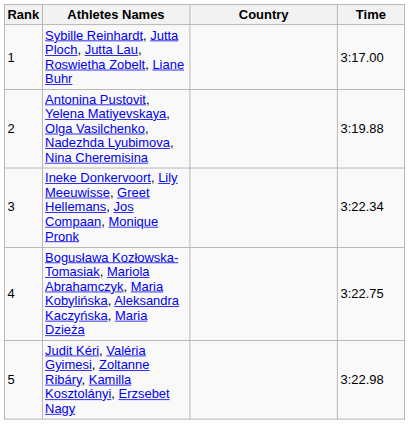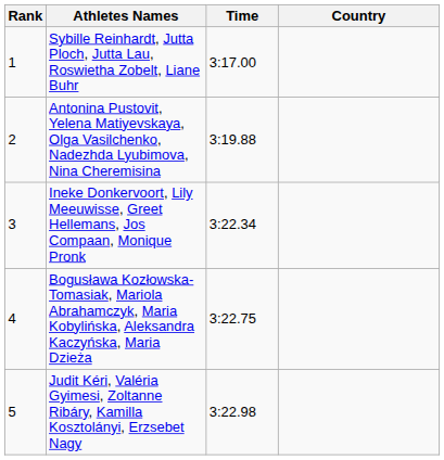 <table class="wikitable">
 <tr>
 <th width=25>Rank</th>
 <th width=175>Athletes Names</th>
+<th width=75>Time</th>
 <th width=175>Country</th>
-<th width=75>Time</th>
 </tr>
 <tr>
 <td>1</td>
 <td><a href='#'>Sybille Reinhardt</a>, <a href='#'>Jutta Ploch</a>, <a href='#'>Jutta Lau</a>, <a href='#'>Roswietha Zobelt</a>, <a href='#'>Liane Buhr</a></td>
+<td>3:17.00</td>
 <td></td>
-<td>3:17.00</td>
 </tr>
 <tr>
 <td>2</td>
 <td><a href='#'>Antonina Pustovit</a>, <a href='#'>Yelena Matiyevskaya</a>, <a href='#'>Olga Vasilchenko</a>, <a href='#'>Nadezhda Lyubimova</a>, <a href='#'>Nina Cheremisina</a></td>
+<td>3:19.88</td>
 <td></td>
-<td>3:19.88</td>
 </tr>
 <tr>
 <td>3</td>
 <td><a href='#'>Ineke Donkervoort</a>, <a href='#'>Lily Meeuwisse</a>, <a href='#'>Greet Hellemans</a>, <a href='#'>Jos Compaan</a>, <a href='#'>Monique Pronk</a></td>
+<td>3:22.34</td>
 <td></td>
-<td>3:22.34</td>
 </tr>
 <tr>
 <td>4</td>
 <td><a href='#'>Bogusława Kozłowska-Tomasiak</a>, <a href='#'>Mariola Abrahamczyk</a>, <a href='#'>Maria Kobylińska</a>, <a href='#'>Aleksandra Kaczyńska</a>, <a href='#'>Maria Dzieża</a></td>
+<td>3:22.75</td>
 <td></td>
-<td>3:22.75</td>
 </tr>
 <tr>
 <td>5</td>
 <td><a href='#'>Judit Kéri</a>, <a href='#'>Valéria Gyimesi</a>, <a href='#'>Zoltanne Ribáry</a>, <a href='#'>Kamilla Kosztolányi</a>, <a href='#'>Erzsebet Nagy</a></td>
+<td>3:22.98</td>
 <td></td>
-<td>3:22.98</td>
 </tr>
 </table>
